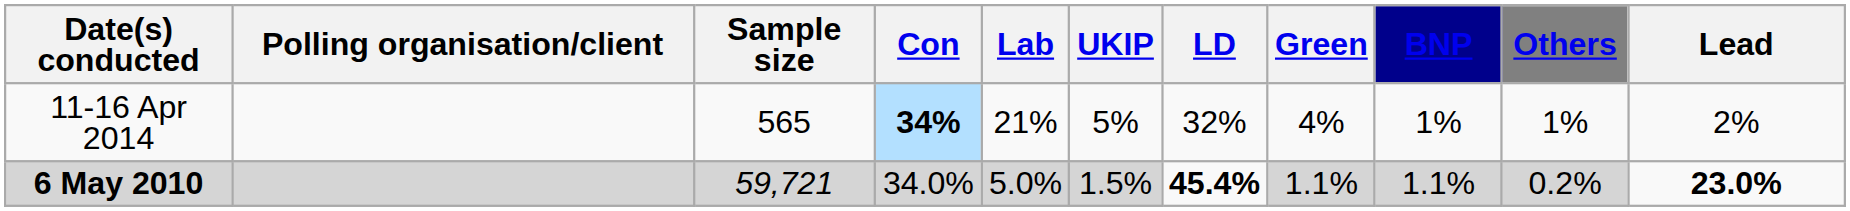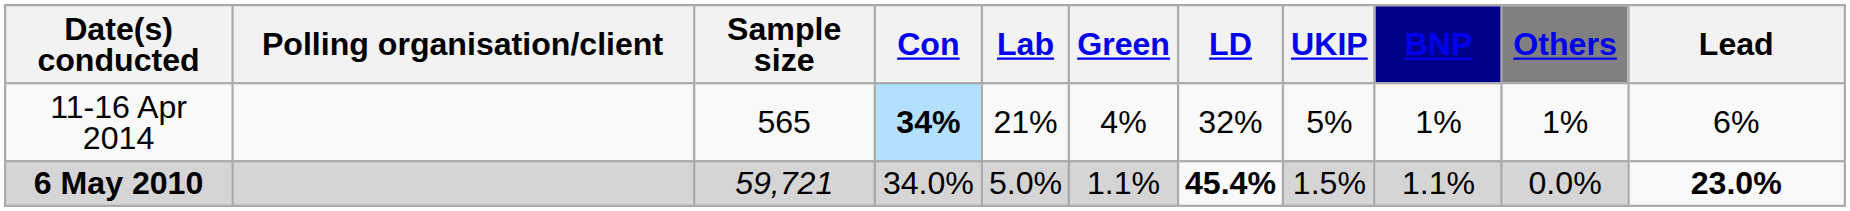 <table class="wikitable sortable" style="text-align:center;font-size:90%;line-height:14px">
 <tr>
 <th ! style="width:95px;">Date(s)<br>conducted</th>
 <th style="width:200px;">Polling organisation/client</th>
 <th class="unsortable" style="width:75px;">Sample size</th>
 <th class="unsortable" style="background:"><a href='#'><span>Con</span></a></th>
 <th class="unsortable" style="background:"><a href='#'><span>Lab</span></a></th>
+<th class="unsortable" style="background:"><a href='#'><span>Green</span></a></th>
+<th class="unsortable" style="background:"><a href='#'><span>LD</span></a></th>
 <th class="unsortable" style="background:"><a href='#'><span>UKIP</span></a></th>
-<th class="unsortable" style="background:"><a href='#'><span>LD</span></a></th>
-<th class="unsortable" style="background:"><a href='#'><span>Green</span></a></th>
 <th class="unsortable" style="background:#00008B; text-color:white; width:50px;"><a href='#'><span>BNP</span></a></th>
 <th class="unsortable" style="background:gray; width:50px;"><a href='#'><span>Others</span></a></th>
 <th class="unsortable" style="width:90px;">Lead</th>
 </tr>
 <tr>
 <td>11-16 Apr 2014</td>
 <td></td>
 <td>565</td>
 <td style="background:#B3E0FF"><strong>34%</strong></td>
 <td>21%</td>
+<td>4%</td>
+<td>32%</td>
 <td>5%</td>
-<td>32%</td>
-<td>4%</td>
 <td>1%</td>
 <td>1%</td>
-<td style="background:">2%</td>
+<td style="background:">6%</td>
 </tr>
 <tr>
 <td style="background:#D5D5D5"><strong>6 May 2010</strong></td>
 <td style="background:#D5D5D5"></td>
 <td style="background:#D5D5D5"><em>59,721</em></td>
 <td style="background:#D5D5D5">34.0%</td>
 <td style="background:#D5D5D5">5.0%</td>
+<td style="background:#D5D5D5">1.1%</td>
+<td style="background:"><strong>45.4%</strong></td>
 <td style="background:#D5D5D5">1.5%</td>
-<td style="background:"><strong>45.4%</strong></td>
 <td style="background:#D5D5D5">1.1%</td>
-<td style="background:#D5D5D5">1.1%</td>
-<td style="background:#D5D5D5">0.2%</td>
+<td style="background:#D5D5D5">0.0%</td>
 <td style="background:"><strong>23.0% </strong></td>
 </tr>
 </table>
